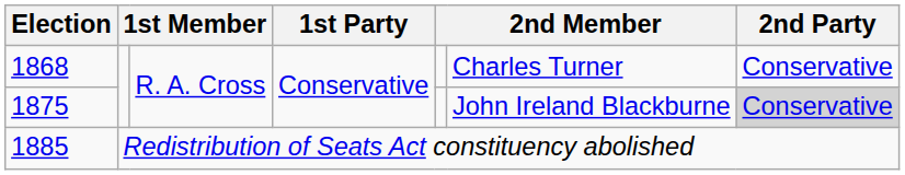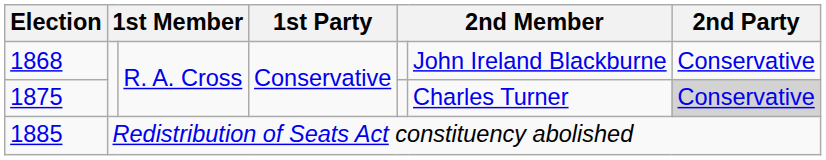 <table class="wikitable">
 <tr>
 <th>Election</th>
 <th colspan="2">1st Member</th>
 <th>1st Party</th>
 <th colspan="2">2nd Member</th>
 <th>2nd Party</th>
 </tr>
 <tr>
 <td><a href='#'>1868</a></td>
 <td rowspan="2" style="color:inherit;background-color: "></td>
 <td rowspan="2"><a href='#'>R. A. Cross</a></td>
 <td rowspan="2"><a href='#'>Conservative</a></td>
 <td style="color:inherit;background-color: "></td>
-<td><a href='#'>Charles Turner</a></td>
+<td><a href='#'>John Ireland Blackburne</a></td>
 <td><a href='#'>Conservative</a></td>
 </tr>
 <tr>
 <td><a href='#'>1875</a></td>
 <td style="color:inherit;background-color: "></td>
-<td><a href='#'>John Ireland Blackburne</a></td>
+<td><a href='#'>Charles Turner</a></td>
 <td style="background: lightgrey;"><a href='#'>Conservative</a></td>
 </tr>
 <tr>
 <td><a href='#'>1885</a></td>
 <td colspan="6"><em><a href='#'>Redistribution of Seats Act</a> constituency abolished</em></td>
 </tr>
 </table>
